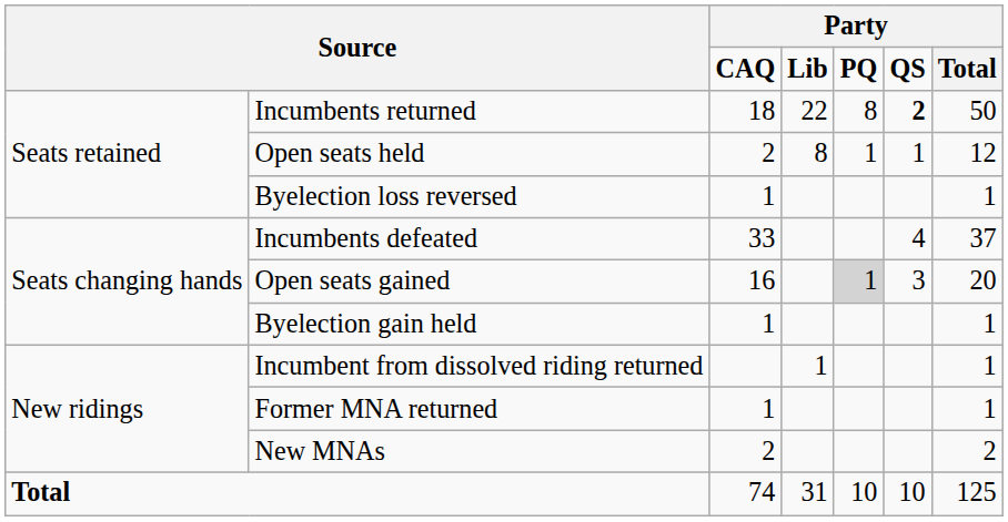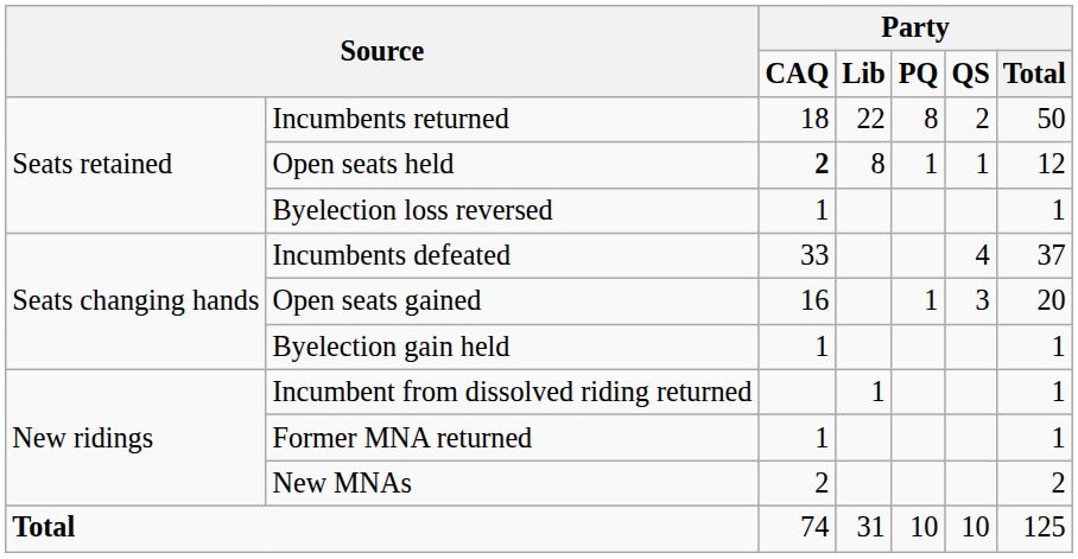 <table class="wikitable" style="text-align:right;">
 <tr>
 <th colspan="2" rowspan="2">Source</th>
 <th colspan="5">Party</th>
 </tr>
 <tr>
 <td><strong>CAQ</strong></td>
 <td><strong>Lib</strong></td>
 <td><strong>PQ</strong></td>
 <td><strong>QS</strong></td>
 <th>Total</th>
 </tr>
 <tr>
 <td rowspan="3" style="text-align:left;">Seats retained</td>
 <td style="text-align:left;">Incumbents returned</td>
 <td>18</td>
 <td>22</td>
 <td>8</td>
-<td><strong>2</strong></td>
+<td>2</td>
 <td>50</td>
 </tr>
 <tr>
 <td style="text-align:left;">Open seats held</td>
-<td>2</td>
+<td><strong>2</strong></td>
 <td>8</td>
 <td>1</td>
 <td>1</td>
 <td>12</td>
 </tr>
 <tr>
 <td style="text-align:left;">Byelection loss reversed</td>
 <td>1</td>
 <td></td>
 <td></td>
 <td></td>
 <td>1</td>
 </tr>
 <tr>
 <td rowspan="3" style="text-align:left;">Seats changing hands</td>
 <td style="text-align:left;">Incumbents defeated</td>
 <td>33</td>
 <td></td>
 <td></td>
 <td>4</td>
 <td>37</td>
 </tr>
 <tr>
 <td style="text-align:left;">Open seats gained</td>
 <td>16</td>
 <td></td>
-<td style="background: lightgrey;">1</td>
+<td>1</td>
 <td>3</td>
 <td>20</td>
 </tr>
 <tr>
 <td style="text-align:left;">Byelection gain held</td>
 <td>1</td>
 <td></td>
 <td></td>
 <td></td>
 <td>1</td>
 </tr>
 <tr>
 <td rowspan="3" style="text-align:left;">New ridings</td>
 <td style="text-align:left;">Incumbent from dissolved riding returned</td>
 <td></td>
 <td>1</td>
 <td></td>
 <td></td>
 <td>1</td>
 </tr>
 <tr>
 <td style="text-align:left;">Former MNA returned</td>
 <td>1</td>
 <td></td>
 <td></td>
 <td></td>
 <td>1</td>
 </tr>
 <tr>
 <td style="text-align:left;">New MNAs</td>
 <td>2</td>
 <td></td>
 <td></td>
 <td></td>
 <td>2</td>
 </tr>
 <tr>
 <td colspan="2" style="text-align:left;"><strong>Total</strong></td>
 <td>74</td>
 <td>31</td>
 <td>10</td>
 <td>10</td>
 <td>125</td>
 </tr>
 </table>
